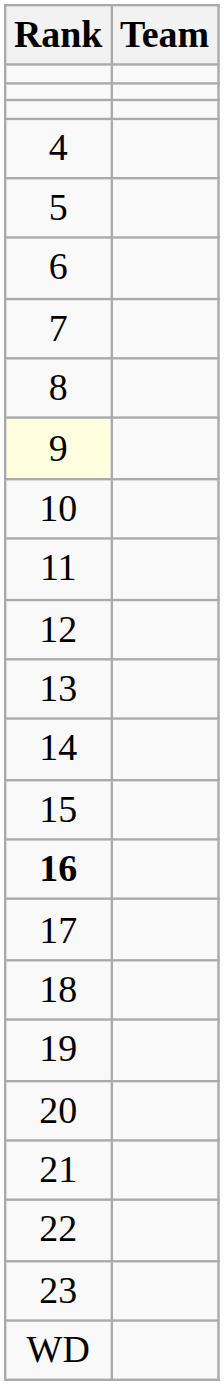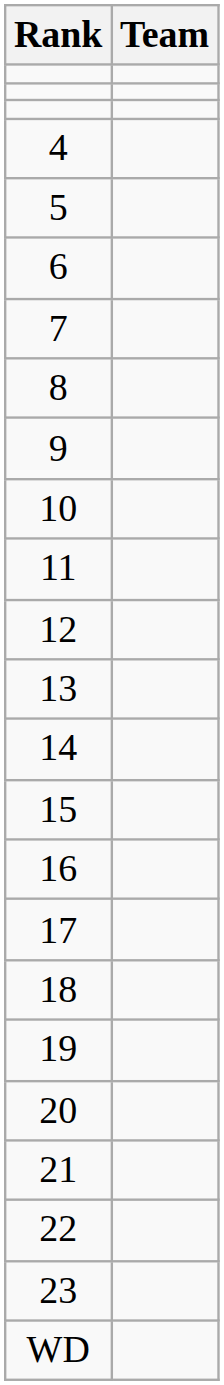 <table class=wikitable style="text-align:left;">
 <tr>
 <th>Rank</th>
 <th>Team</th>
 </tr>
 <tr>
 <td align=center></td>
 <td></td>
 </tr>
 <tr>
 <td align=center></td>
 <td></td>
 </tr>
 <tr>
 <td align=center></td>
 <td></td>
 </tr>
 <tr>
 <td align=center>4</td>
 <td></td>
 </tr>
 <tr>
 <td align=center>5</td>
 <td></td>
 </tr>
 <tr>
 <td align=center>6</td>
 <td></td>
 </tr>
 <tr>
 <td align=center>7</td>
 <td></td>
 </tr>
 <tr>
 <td align=center>8</td>
 <td></td>
 </tr>
 <tr>
-<td align=center style="background: lightyellow;">9</td>
+<td align=center>9</td>
 <td></td>
 </tr>
 <tr>
 <td align=center>10</td>
 <td></td>
 </tr>
 <tr>
 <td align=center>11</td>
 <td></td>
 </tr>
 <tr>
 <td align=center>12</td>
 <td></td>
 </tr>
 <tr>
 <td align=center>13</td>
 <td></td>
 </tr>
 <tr>
 <td align=center>14</td>
 <td></td>
 </tr>
 <tr>
 <td align=center>15</td>
 <td></td>
 </tr>
 <tr>
-<td align=center><strong>16</strong></td>
+<td align=center>16</td>
 <td></td>
 </tr>
 <tr>
 <td align=center>17</td>
 <td></td>
 </tr>
 <tr>
 <td align=center>18</td>
 <td></td>
 </tr>
 <tr>
 <td align=center>19</td>
 <td></td>
 </tr>
 <tr>
 <td align=center>20</td>
 <td></td>
 </tr>
 <tr>
 <td align=center>21</td>
 <td></td>
 </tr>
 <tr>
 <td align=center>22</td>
 <td></td>
 </tr>
 <tr>
 <td align=center>23</td>
 <td></td>
 </tr>
 <tr>
 <td align=center>WD</td>
 <td><s></s></td>
 </tr>
 </table>
